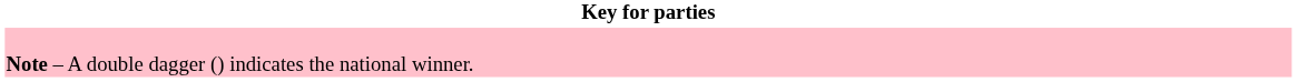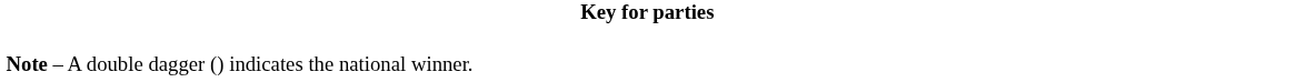 <table class="toccolours" style="width:62em">
 <tr>
 <th>Key for parties</th>
 </tr>
 <tr>
-<td style="background: pink;"><br>                        <strong>Note</strong> – A double dagger () indicates the national winner.</td>
+<td><br>                        <strong>Note</strong> – A double dagger () indicates the national winner.</td>
 </tr>
 </table>
